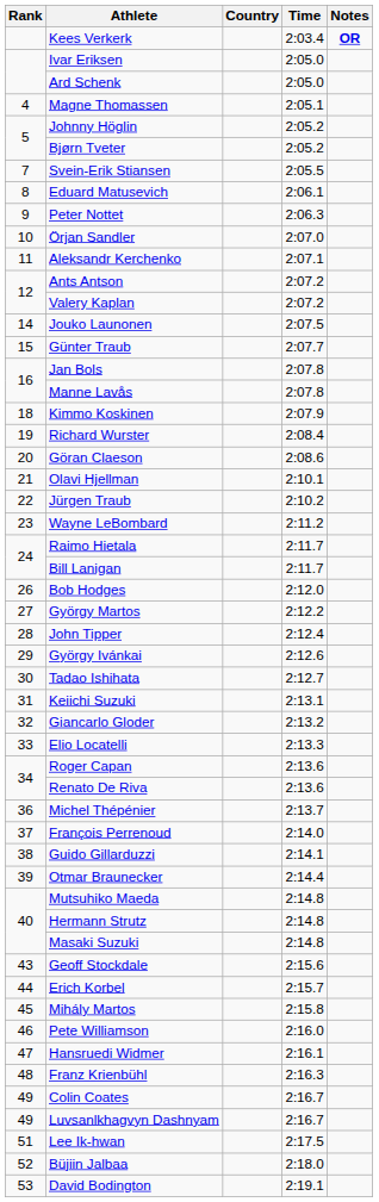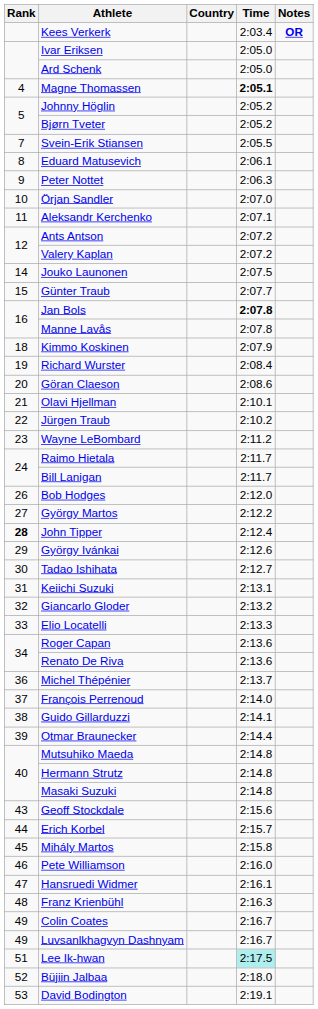 <table class="wikitable sortable" style="text-align:center">
 <tr>
 <th>Rank</th>
 <th>Athlete</th>
 <th>Country</th>
 <th>Time</th>
 <th>Notes</th>
 </tr>
 <tr>
 <td></td>
 <td align=left><a href='#'>Kees Verkerk</a></td>
 <td align=left></td>
 <td>2:03.4</td>
 <td><strong><a href='#'>OR</a></strong></td>
 </tr>
 <tr>
 <td rowspan=2></td>
 <td align=left><a href='#'>Ivar Eriksen</a></td>
 <td align=left></td>
 <td>2:05.0</td>
 <td></td>
 </tr>
 <tr>
 <td align=left><a href='#'>Ard Schenk</a></td>
 <td align=left></td>
 <td>2:05.0</td>
 <td></td>
 </tr>
 <tr>
 <td>4</td>
 <td align=left><a href='#'>Magne Thomassen</a></td>
 <td align=left></td>
-<td>2:05.1</td>
+<td><strong>2:05.1</strong></td>
 <td></td>
 </tr>
 <tr>
 <td rowspan=2>5</td>
 <td align=left><a href='#'>Johnny Höglin</a></td>
 <td align=left></td>
 <td>2:05.2</td>
 <td></td>
 </tr>
 <tr>
 <td align=left><a href='#'>Bjørn Tveter</a></td>
 <td align=left></td>
 <td>2:05.2</td>
 <td></td>
 </tr>
 <tr>
 <td>7</td>
 <td align=left><a href='#'>Svein-Erik Stiansen</a></td>
 <td align=left></td>
 <td>2:05.5</td>
 <td></td>
 </tr>
 <tr>
 <td>8</td>
 <td align=left><a href='#'>Eduard Matusevich</a></td>
 <td align=left></td>
 <td>2:06.1</td>
 <td></td>
 </tr>
 <tr>
 <td>9</td>
 <td align=left><a href='#'>Peter Nottet</a></td>
 <td align=left></td>
 <td>2:06.3</td>
 <td></td>
 </tr>
 <tr>
 <td>10</td>
 <td align=left><a href='#'>Örjan Sandler</a></td>
 <td align=left></td>
 <td>2:07.0</td>
 <td></td>
 </tr>
 <tr>
 <td>11</td>
 <td align=left><a href='#'>Aleksandr Kerchenko</a></td>
 <td align=left></td>
 <td>2:07.1</td>
 <td></td>
 </tr>
 <tr>
 <td rowspan=2>12</td>
 <td align=left><a href='#'>Ants Antson</a></td>
 <td align=left></td>
 <td>2:07.2</td>
 <td></td>
 </tr>
 <tr>
 <td align=left><a href='#'>Valery Kaplan</a></td>
 <td align=left></td>
 <td>2:07.2</td>
 <td></td>
 </tr>
 <tr>
 <td>14</td>
 <td align=left><a href='#'>Jouko Launonen</a></td>
 <td align=left></td>
 <td>2:07.5</td>
 <td></td>
 </tr>
 <tr>
 <td>15</td>
 <td align=left><a href='#'>Günter Traub</a></td>
 <td align=left></td>
 <td>2:07.7</td>
 <td></td>
 </tr>
 <tr>
 <td rowspan=2>16</td>
 <td align=left><a href='#'>Jan Bols</a></td>
 <td align=left></td>
-<td>2:07.8</td>
+<td><strong>2:07.8</strong></td>
 <td></td>
 </tr>
 <tr>
 <td align=left><a href='#'>Manne Lavås</a></td>
 <td align=left></td>
 <td>2:07.8</td>
 <td></td>
 </tr>
 <tr>
 <td>18</td>
 <td align=left><a href='#'>Kimmo Koskinen</a></td>
 <td align=left></td>
 <td>2:07.9</td>
 <td></td>
 </tr>
 <tr>
 <td>19</td>
 <td align=left><a href='#'>Richard Wurster</a></td>
 <td align=left></td>
 <td>2:08.4</td>
 <td></td>
 </tr>
 <tr>
 <td>20</td>
 <td align=left><a href='#'>Göran Claeson</a></td>
 <td align=left></td>
 <td>2:08.6</td>
 <td></td>
 </tr>
 <tr>
 <td>21</td>
 <td align=left><a href='#'>Olavi Hjellman</a></td>
 <td align=left></td>
 <td>2:10.1</td>
 <td></td>
 </tr>
 <tr>
 <td>22</td>
 <td align=left><a href='#'>Jürgen Traub</a></td>
 <td align=left></td>
 <td>2:10.2</td>
 <td></td>
 </tr>
 <tr>
 <td>23</td>
 <td align=left><a href='#'>Wayne LeBombard</a></td>
 <td align=left></td>
 <td>2:11.2</td>
 <td></td>
 </tr>
 <tr>
 <td rowspan=2>24</td>
 <td align=left><a href='#'>Raimo Hietala</a></td>
 <td align=left></td>
 <td>2:11.7</td>
 <td></td>
 </tr>
 <tr>
 <td align=left><a href='#'>Bill Lanigan</a></td>
 <td align=left></td>
 <td>2:11.7</td>
 <td></td>
 </tr>
 <tr>
 <td>26</td>
 <td align=left><a href='#'>Bob Hodges</a></td>
 <td align=left></td>
 <td>2:12.0</td>
 <td></td>
 </tr>
 <tr>
 <td>27</td>
 <td align=left><a href='#'>György Martos</a></td>
 <td align=left></td>
 <td>2:12.2</td>
 <td></td>
 </tr>
 <tr>
-<td>28</td>
+<td><strong>28</strong></td>
 <td align=left><a href='#'>John Tipper</a></td>
 <td align=left></td>
 <td>2:12.4</td>
 <td></td>
 </tr>
 <tr>
 <td>29</td>
 <td align=left><a href='#'>György Ivánkai</a></td>
 <td align=left></td>
 <td>2:12.6</td>
 <td></td>
 </tr>
 <tr>
 <td>30</td>
 <td align=left><a href='#'>Tadao Ishihata</a></td>
 <td align=left></td>
 <td>2:12.7</td>
 <td></td>
 </tr>
 <tr>
 <td>31</td>
 <td align=left><a href='#'>Keiichi Suzuki</a></td>
 <td align=left></td>
 <td>2:13.1</td>
 <td></td>
 </tr>
 <tr>
 <td>32</td>
 <td align=left><a href='#'>Giancarlo Gloder</a></td>
 <td align=left></td>
 <td>2:13.2</td>
 <td></td>
 </tr>
 <tr>
 <td>33</td>
 <td align=left><a href='#'>Elio Locatelli</a></td>
 <td align=left></td>
 <td>2:13.3</td>
 <td></td>
 </tr>
 <tr>
 <td rowspan=2>34</td>
 <td align=left><a href='#'>Roger Capan</a></td>
 <td align=left></td>
 <td>2:13.6</td>
 <td></td>
 </tr>
 <tr>
 <td align=left><a href='#'>Renato De Riva</a></td>
 <td align=left></td>
 <td>2:13.6</td>
 <td></td>
 </tr>
 <tr>
 <td>36</td>
 <td align=left><a href='#'>Michel Thépénier</a></td>
 <td align=left></td>
 <td>2:13.7</td>
 <td></td>
 </tr>
 <tr>
 <td>37</td>
 <td align=left><a href='#'>François Perrenoud</a></td>
 <td align=left></td>
 <td>2:14.0</td>
 <td></td>
 </tr>
 <tr>
 <td>38</td>
 <td align=left><a href='#'>Guido Gillarduzzi</a></td>
 <td align=left></td>
 <td>2:14.1</td>
 <td></td>
 </tr>
 <tr>
 <td>39</td>
 <td align=left><a href='#'>Otmar Braunecker</a></td>
 <td align=left></td>
 <td>2:14.4</td>
 <td></td>
 </tr>
 <tr>
 <td rowspan=3>40</td>
 <td align=left><a href='#'>Mutsuhiko Maeda</a></td>
 <td align=left></td>
 <td>2:14.8</td>
 <td></td>
 </tr>
 <tr>
 <td align=left><a href='#'>Hermann Strutz</a></td>
 <td align=left></td>
 <td>2:14.8</td>
 <td></td>
 </tr>
 <tr>
 <td align=left><a href='#'>Masaki Suzuki</a></td>
 <td align=left></td>
 <td>2:14.8</td>
 <td></td>
 </tr>
 <tr>
 <td>43</td>
 <td align=left><a href='#'>Geoff Stockdale</a></td>
 <td align=left></td>
 <td>2:15.6</td>
 <td></td>
 </tr>
 <tr>
 <td>44</td>
 <td align=left><a href='#'>Erich Korbel</a></td>
 <td align=left></td>
 <td>2:15.7</td>
 <td></td>
 </tr>
 <tr>
 <td>45</td>
 <td align=left><a href='#'>Mihály Martos</a></td>
 <td align=left></td>
 <td>2:15.8</td>
 <td></td>
 </tr>
 <tr>
 <td>46</td>
 <td align=left><a href='#'>Pete Williamson</a></td>
 <td align=left></td>
 <td>2:16.0</td>
 <td></td>
 </tr>
 <tr>
 <td>47</td>
 <td align=left><a href='#'>Hansruedi Widmer</a></td>
 <td align=left></td>
 <td>2:16.1</td>
 <td></td>
 </tr>
 <tr>
 <td>48</td>
 <td align=left><a href='#'>Franz Krienbühl</a></td>
 <td align=left></td>
 <td>2:16.3</td>
 <td></td>
 </tr>
 <tr>
 <td>49</td>
 <td align=left><a href='#'>Colin Coates</a></td>
 <td align=left></td>
 <td>2:16.7</td>
 <td></td>
 </tr>
 <tr>
 <td>49</td>
 <td align=left><a href='#'>Luvsanlkhagvyn Dashnyam</a></td>
 <td align=left></td>
 <td>2:16.7</td>
 <td></td>
 </tr>
 <tr>
 <td>51</td>
 <td align=left><a href='#'>Lee Ik-hwan</a></td>
 <td align=left></td>
-<td>2:17.5</td>
+<td style="background: paleturquoise;">2:17.5</td>
 <td></td>
 </tr>
 <tr>
 <td>52</td>
 <td align=left><a href='#'>Büjiin Jalbaa</a></td>
 <td align=left></td>
 <td>2:18.0</td>
 <td></td>
 </tr>
 <tr>
 <td>53</td>
 <td align=left><a href='#'>David Bodington</a></td>
 <td align=left></td>
 <td>2:19.1</td>
 <td></td>
 </tr>
 </table>
